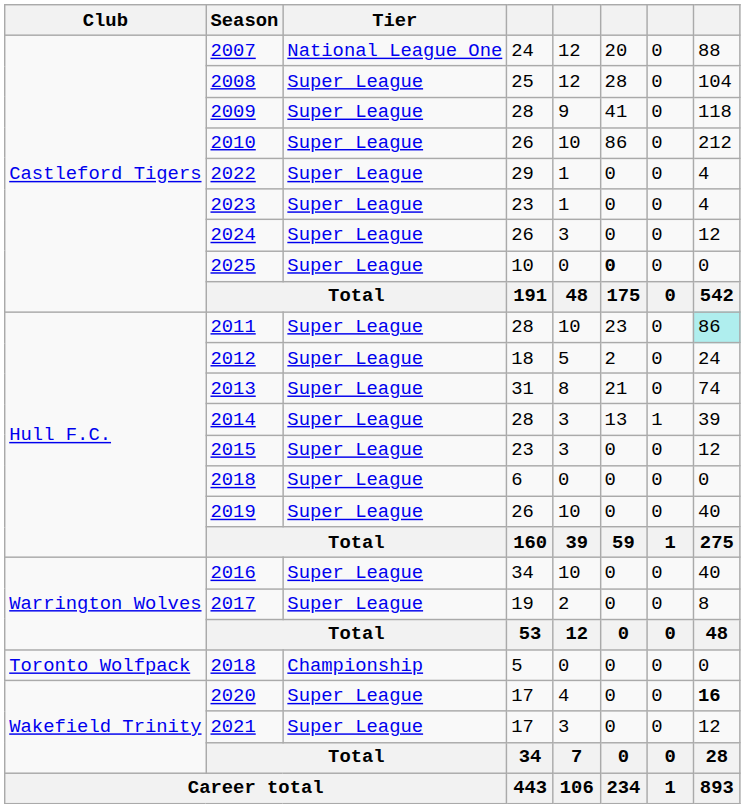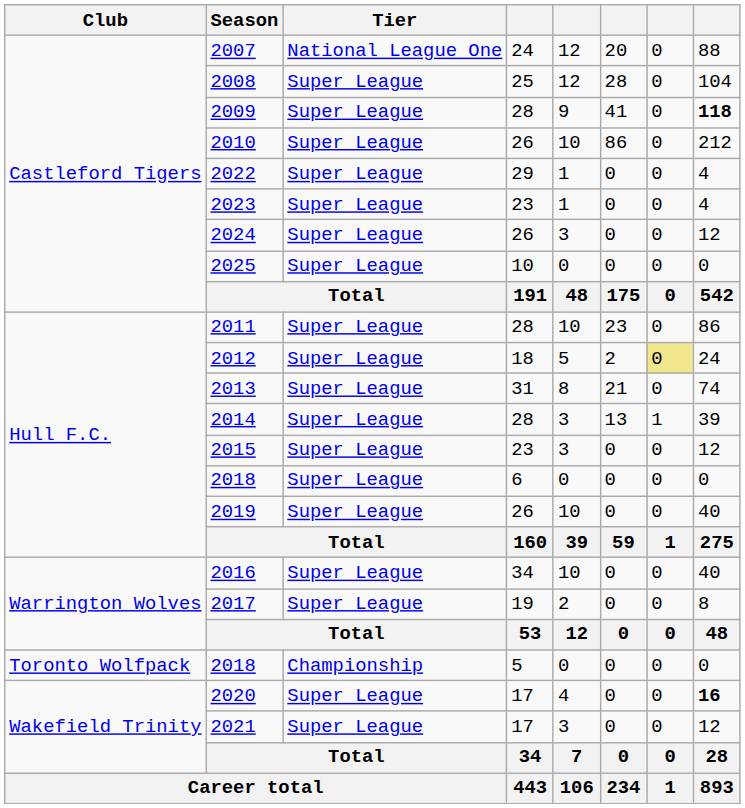 <table class="wikitable defaultcenter">
 <tr>
 <th>Club</th>
 <th>Season</th>
 <th>Tier</th>
 <th style="width:2em;"></th>
 <th style="width:2em;"></th>
 <th style="width:2em;"></th>
 <th style="width:2em;"></th>
 <th style="width:2em;"></th>
 </tr>
 <tr>
 <td rowspan="9" style="text-align:left;"> <a href='#'>Castleford Tigers</a></td>
 <td><a href='#'>2007</a></td>
 <td><a href='#'>National League One</a></td>
 <td>24</td>
 <td>12</td>
 <td>20</td>
 <td>0</td>
 <td>88</td>
 </tr>
 <tr>
 <td><a href='#'>2008</a></td>
 <td><a href='#'>Super League</a></td>
 <td>25</td>
 <td>12</td>
 <td>28</td>
 <td>0</td>
 <td>104</td>
 </tr>
 <tr>
 <td><a href='#'>2009</a></td>
 <td><a href='#'>Super League</a></td>
 <td>28</td>
 <td>9</td>
 <td>41</td>
 <td>0</td>
-<td>118</td>
+<td><strong>118</strong></td>
 </tr>
 <tr>
 <td><a href='#'>2010</a></td>
 <td><a href='#'>Super League</a></td>
 <td>26</td>
 <td>10</td>
 <td>86</td>
 <td>0</td>
 <td>212</td>
 </tr>
 <tr>
 <td><a href='#'>2022</a></td>
 <td><a href='#'>Super League</a></td>
 <td>29</td>
 <td>1</td>
 <td>0</td>
 <td>0</td>
 <td>4</td>
 </tr>
 <tr>
 <td><a href='#'>2023</a></td>
 <td><a href='#'>Super League</a></td>
 <td>23</td>
 <td>1</td>
 <td>0</td>
 <td>0</td>
 <td>4</td>
 </tr>
 <tr>
 <td><a href='#'>2024</a></td>
 <td><a href='#'>Super League</a></td>
 <td>26</td>
 <td>3</td>
 <td>0</td>
 <td>0</td>
 <td>12</td>
 </tr>
 <tr>
 <td><a href='#'>2025</a></td>
 <td><a href='#'>Super League</a></td>
 <td>10</td>
 <td>0</td>
-<td><strong>0</strong></td>
+<td>0</td>
 <td>0</td>
 <td>0</td>
 </tr>
 <tr>
 <th colspan="2">Total</th>
 <th>191</th>
 <th>48</th>
 <th>175</th>
 <th>0</th>
 <th>542</th>
 </tr>
 <tr>
 <td rowspan="8" style="text-align:left;"> <a href='#'>Hull F.C.</a></td>
 <td><a href='#'>2011</a></td>
 <td><a href='#'>Super League</a></td>
 <td>28</td>
 <td>10</td>
 <td>23</td>
 <td>0</td>
-<td style="background: paleturquoise;">86</td>
+<td>86</td>
 </tr>
 <tr>
 <td><a href='#'>2012</a></td>
 <td><a href='#'>Super League</a></td>
 <td>18</td>
 <td>5</td>
 <td>2</td>
-<td>0</td>
+<td style="background: khaki;">0</td>
 <td>24</td>
 </tr>
 <tr>
 <td><a href='#'>2013</a></td>
 <td><a href='#'>Super League</a></td>
 <td>31</td>
 <td>8</td>
 <td>21</td>
 <td>0</td>
 <td>74</td>
 </tr>
 <tr>
 <td><a href='#'>2014</a></td>
 <td><a href='#'>Super League</a></td>
 <td>28</td>
 <td>3</td>
 <td>13</td>
 <td>1</td>
 <td>39</td>
 </tr>
 <tr>
 <td><a href='#'>2015</a></td>
 <td><a href='#'>Super League</a></td>
 <td>23</td>
 <td>3</td>
 <td>0</td>
 <td>0</td>
 <td>12</td>
 </tr>
 <tr>
 <td><a href='#'>2018</a></td>
 <td><a href='#'>Super League</a></td>
 <td>6</td>
 <td>0</td>
 <td>0</td>
 <td>0</td>
 <td>0</td>
 </tr>
 <tr>
 <td><a href='#'>2019</a></td>
 <td><a href='#'>Super League</a></td>
 <td>26</td>
 <td>10</td>
 <td>0</td>
 <td>0</td>
 <td>40</td>
 </tr>
 <tr>
 <th colspan="2">Total</th>
 <th>160</th>
 <th>39</th>
 <th>59</th>
 <th>1</th>
 <th>275</th>
 </tr>
 <tr>
 <td rowspan="3" style="text-align:left;"> <a href='#'>Warrington Wolves</a></td>
 <td><a href='#'>2016</a></td>
 <td><a href='#'>Super League</a></td>
 <td>34</td>
 <td>10</td>
 <td>0</td>
 <td>0</td>
 <td>40</td>
 </tr>
 <tr>
 <td><a href='#'>2017</a></td>
 <td><a href='#'>Super League</a></td>
 <td>19</td>
 <td>2</td>
 <td>0</td>
 <td>0</td>
 <td>8</td>
 </tr>
 <tr>
 <th colspan="2">Total</th>
 <th>53</th>
 <th>12</th>
 <th>0</th>
 <th>0</th>
 <th>48</th>
 </tr>
 <tr>
 <td style="text-align:left;"> <a href='#'>Toronto Wolfpack</a></td>
 <td><a href='#'>2018</a></td>
 <td><a href='#'>Championship</a></td>
 <td>5</td>
 <td>0</td>
 <td>0</td>
 <td>0</td>
 <td>0</td>
 </tr>
 <tr>
 <td rowspan="3" style="text-align:left;"> <a href='#'>Wakefield Trinity</a></td>
 <td><a href='#'>2020</a></td>
 <td><a href='#'>Super League</a></td>
 <td>17</td>
 <td>4</td>
 <td>0</td>
 <td>0</td>
 <td><strong>16</strong></td>
 </tr>
 <tr>
 <td><a href='#'>2021</a></td>
 <td><a href='#'>Super League</a></td>
 <td>17</td>
 <td>3</td>
 <td>0</td>
 <td>0</td>
 <td>12</td>
 </tr>
 <tr>
 <th colspan="2">Total</th>
 <th>34</th>
 <th>7</th>
 <th>0</th>
 <th>0</th>
 <th>28</th>
 </tr>
 <tr>
 <th colspan="3">Career total</th>
 <th>443</th>
 <th>106</th>
 <th>234</th>
 <th>1</th>
 <th>893</th>
 </tr>
 </table>
